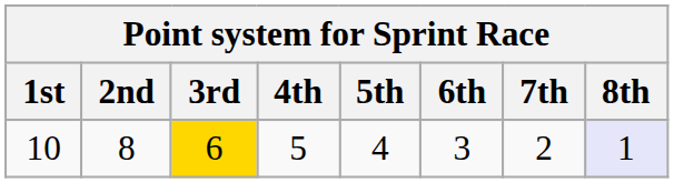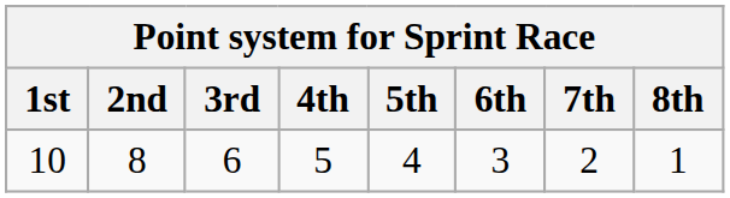 <table class="wikitable" style="font-size:95%; text-align:center">
 <tr>
 <th colspan="8">Point system for Sprint Race</th>
 </tr>
 <tr>
 <th> 1st </th>
 <th> 2nd </th>
 <th> 3rd </th>
 <th> 4th </th>
 <th> 5th </th>
 <th> 6th </th>
 <th> 7th </th>
 <th> 8th </th>
 </tr>
 <tr>
 <td>10</td>
 <td>8</td>
-<td style="background: gold;">6</td>
+<td>6</td>
 <td>5</td>
 <td>4</td>
 <td>3</td>
 <td>2</td>
-<td style="background: lavender;">1</td>
+<td>1</td>
 </tr>
 </table>
